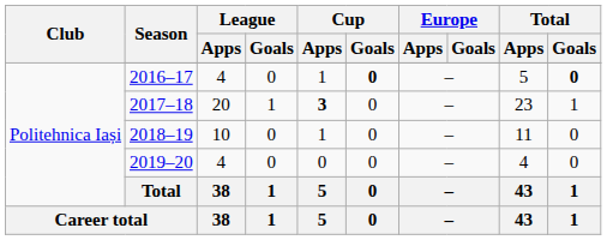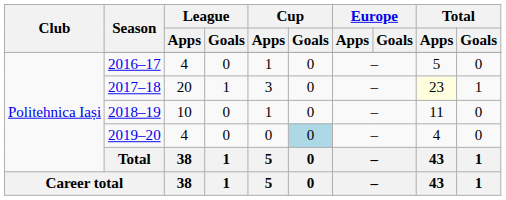 <table class="wikitable" style="text-align:center">
 <tr>
 <th rowspan="2">Club</th>
 <th rowspan="2">Season</th>
 <th colspan="2">League</th>
 <th colspan="2">Cup</th>
 <th colspan="2"><a href='#'>Europe</a></th>
 <th colspan="3">Total</th>
 </tr>
 <tr>
 <th>Apps</th>
 <th>Goals</th>
 <th>Apps</th>
 <th>Goals</th>
 <th>Apps</th>
 <th>Goals</th>
 <th>Apps</th>
 <th>Goals</th>
 </tr>
 <tr>
 <td rowspan="6" valign="center"><a href='#'>Politehnica Iași</a></td>
 </tr>
 <tr>
 <td><a href='#'>2016–17</a></td>
 <td>4</td>
 <td>0</td>
 <td>1</td>
-<td><strong>0</strong></td>
+<td>0</td>
 <td rowspan=1 colspan="2">–</td>
 <td>5</td>
-<td><strong>0</strong></td>
+<td>0</td>
 </tr>
 <tr>
 <td><a href='#'>2017–18</a></td>
 <td>20</td>
 <td>1</td>
-<td><strong>3</strong></td>
+<td>3</td>
 <td>0</td>
 <td rowspan=1 colspan="2">–</td>
-<td>23</td>
+<td style="background: lightyellow;">23</td>
 <td>1</td>
 </tr>
 <tr>
 <td><a href='#'>2018–19</a></td>
 <td>10</td>
 <td>0</td>
 <td>1</td>
 <td>0</td>
 <td rowspan=1 colspan="2">–</td>
 <td>11</td>
 <td>0</td>
 </tr>
 <tr>
 <td><a href='#'>2019–20</a></td>
 <td>4</td>
 <td>0</td>
 <td>0</td>
-<td>0</td>
+<td style="background: lightblue;">0</td>
 <td rowspan=1 colspan="2">–</td>
 <td>4</td>
 <td>0</td>
 </tr>
 <tr>
 <th>Total</th>
 <th>38</th>
 <th>1</th>
 <th>5</th>
 <th>0</th>
 <th rowspan=1 colspan="2">–</th>
 <th>43</th>
 <th>1</th>
 </tr>
 <tr>
 <th colspan="2">Career total</th>
 <th>38</th>
 <th>1</th>
 <th>5</th>
 <th>0</th>
 <th rowspan=1 colspan="2">–</th>
 <th>43</th>
 <th>1</th>
 </tr>
 </table>
